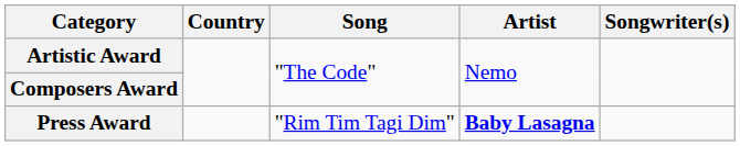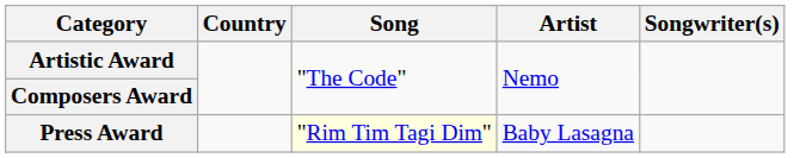 <table class="wikitable plainrowheaders">
 <tr>
 <th scope="col">Category</th>
 <th scope="col">Country</th>
 <th scope="col">Song</th>
 <th scope="col">Artist</th>
 <th scope="col">Songwriter(s)</th>
 </tr>
 <tr>
 <th scope="row">Artistic Award</th>
 <td rowspan="2"></td>
 <td rowspan="2">"<a href='#'>The Code</a>"</td>
 <td rowspan="2"><a href='#'>Nemo</a></td>
 <td rowspan="2"></td>
 </tr>
 <tr>
 <th scope="row">Composers Award</th>
 </tr>
 <tr>
 <th scope="row">Press Award</th>
 <td></td>
-<td>"<a href='#'>Rim Tim Tagi Dim</a>"</td>
-<td><strong><a href='#'>Baby Lasagna</a></strong></td>
+<td style="background: lightyellow;">"<a href='#'>Rim Tim Tagi Dim</a>"</td>
+<td><a href='#'>Baby Lasagna</a></td>
 <td></td>
 </tr>
 </table>
